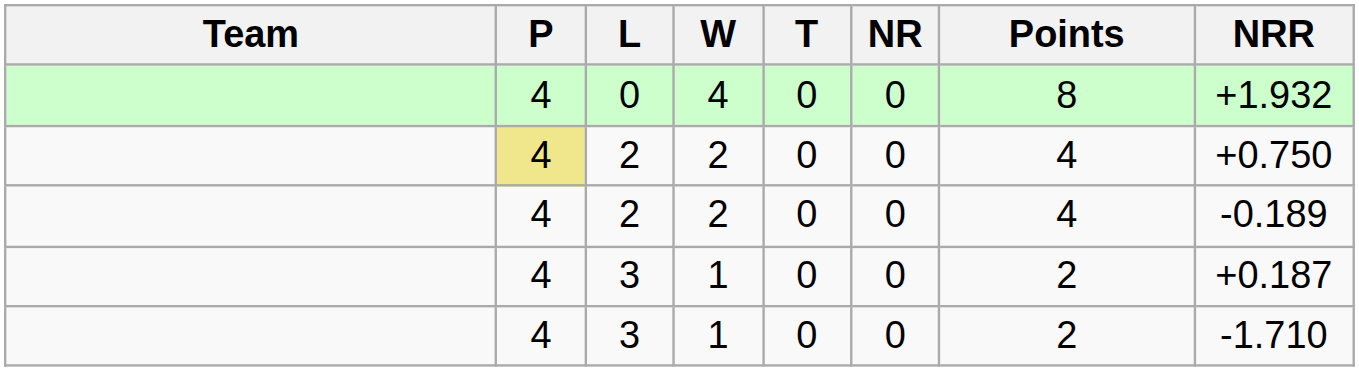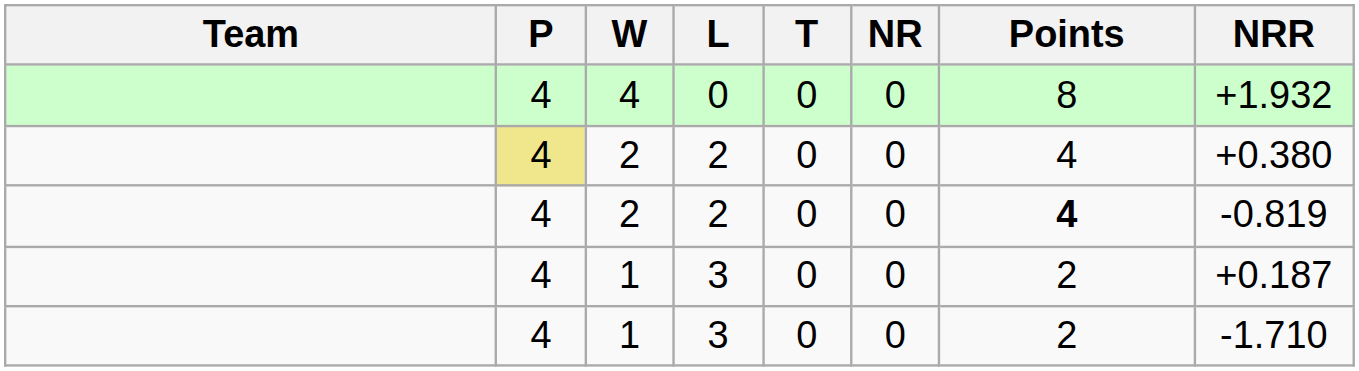 <table class="wikitable" style="text-align:center;">
 <tr>
 <th width=200>Team</th>
 <th width=30 abbr="Played">P</th>
+<th width=30 abbr="Won">W</th>
 <th width=30 abbr="Lost">L</th>
-<th width=30 abbr="Won">W</th>
 <th width=30 abbr="Tied">T</th>
 <th width=30 abbr="No result">NR</th>
 <th width=100 abbr="Points">Points</th>
 <th width=60 abbr="Net run rate">NRR</th>
 </tr>
 <tr bgcolor=ccffcc>
 <td align="left"></td>
 <td>4</td>
+<td>4</td>
 <td>0</td>
-<td>4</td>
 <td>0</td>
 <td>0</td>
 <td>8</td>
 <td>+1.932</td>
 </tr>
 <tr>
 <td align="left"></td>
 <td style="background: khaki;">4</td>
 <td>2</td>
 <td>2</td>
 <td>0</td>
 <td>0</td>
 <td>4</td>
-<td>+0.750</td>
+<td>+0.380</td>
 </tr>
 <tr>
 <td align="left"></td>
 <td>4</td>
 <td>2</td>
 <td>2</td>
 <td>0</td>
 <td>0</td>
-<td>4</td>
-<td>-0.189</td>
+<td><strong>4</strong></td>
+<td>-0.819</td>
 </tr>
 <tr>
 <td align="left"></td>
 <td>4</td>
+<td>1</td>
 <td>3</td>
-<td>1</td>
 <td>0</td>
 <td>0</td>
 <td>2</td>
 <td>+0.187</td>
 </tr>
 <tr>
 <td align="left"></td>
 <td>4</td>
+<td>1</td>
 <td>3</td>
-<td>1</td>
 <td>0</td>
 <td>0</td>
 <td>2</td>
 <td>-1.710</td>
 </tr>
 </table>
